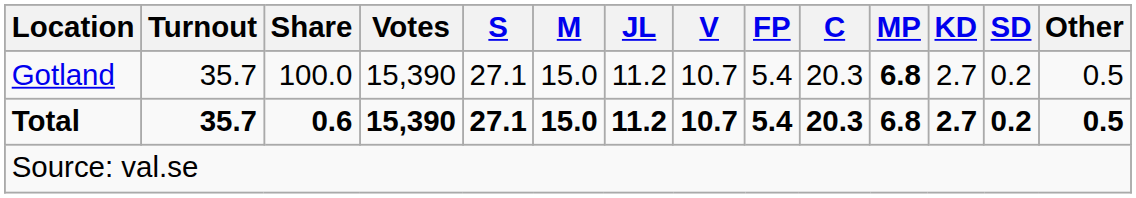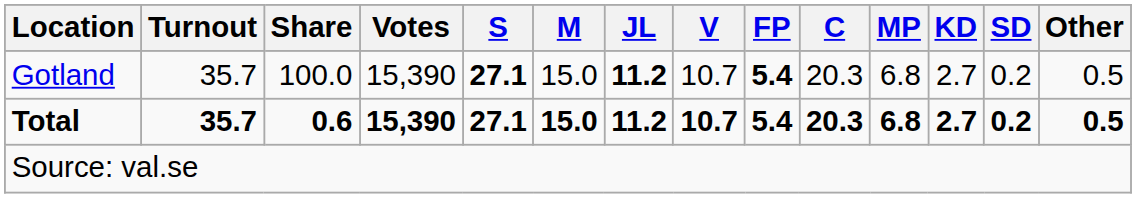 <table class="wikitable sortable" style=text-align:right>
 <tr>
 <th>Location</th>
 <th>Turnout</th>
 <th>Share</th>
 <th>Votes</th>
 <th><a href='#'>S</a></th>
 <th><a href='#'>M</a></th>
 <th><a href='#'>JL</a></th>
 <th><a href='#'>V</a></th>
 <th><a href='#'>FP</a></th>
 <th><a href='#'>C</a></th>
 <th><a href='#'>MP</a></th>
 <th><a href='#'>KD</a></th>
 <th><a href='#'>SD</a></th>
 <th>Other</th>
 </tr>
 <tr>
 <td align=left><a href='#'>Gotland</a></td>
 <td>35.7</td>
 <td>100.0</td>
 <td>15,390</td>
-<td>27.1</td>
+<td><strong>27.1</strong></td>
 <td>15.0</td>
-<td>11.2</td>
+<td><strong>11.2</strong></td>
 <td>10.7</td>
-<td>5.4</td>
+<td><strong>5.4</strong></td>
 <td>20.3</td>
-<td><strong>6.8</strong></td>
+<td>6.8</td>
 <td>2.7</td>
 <td>0.2</td>
 <td>0.5</td>
 </tr>
 <tr>
 <td align=left><strong>Total</strong></td>
 <td><strong>35.7</strong></td>
 <td><strong>0.6</strong></td>
 <td><strong>15,390</strong></td>
 <td><strong>27.1</strong></td>
 <td><strong>15.0</strong></td>
 <td><strong>11.2</strong></td>
 <td><strong>10.7</strong></td>
 <td><strong>5.4</strong></td>
 <td><strong>20.3</strong></td>
 <td><strong>6.8</strong></td>
 <td><strong>2.7</strong></td>
 <td><strong>0.2</strong></td>
 <td><strong>0.5</strong></td>
 </tr>
 <tr>
 <td align=left colspan=14>Source: val.se </td>
 </tr>
 </table>
